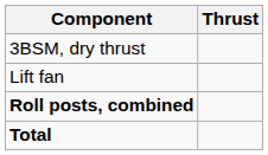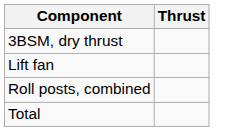 <table class=wikitable>
 <tr>
 <th>Component</th>
 <th>Thrust</th>
 </tr>
 <tr>
 <td>3BSM, dry thrust</td>
 <td></td>
 </tr>
 <tr>
 <td>Lift fan</td>
 <td></td>
 </tr>
 <tr>
-<td><strong>Roll posts, combined</strong></td>
+<td>Roll posts, combined</td>
 <td></td>
 </tr>
 <tr>
-<td><strong>Total</strong></td>
+<td>Total</td>
 <td></td>
 </tr>
 </table>
